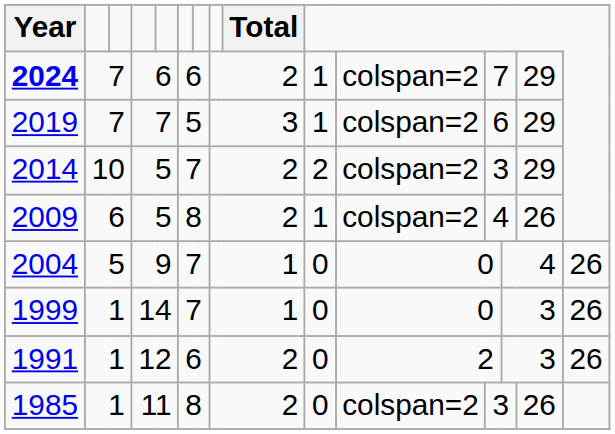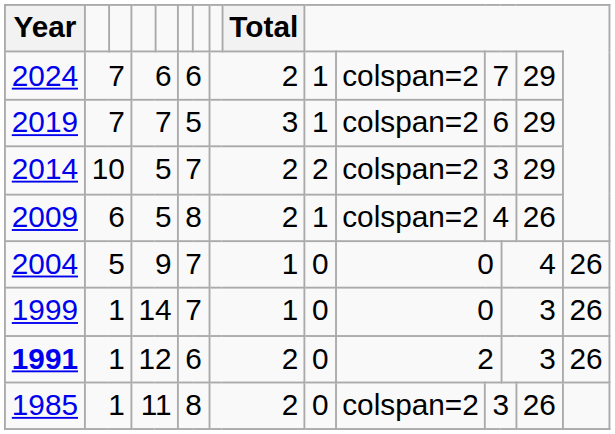 <table class="wikitable" style="text-align:right; padding-left:1em">
 <tr>
 <th align="left">Year</th>
 <td></td>
 <td></td>
 <td></td>
 <td></td>
 <td></td>
 <td></td>
 <td></td>
 <th align="left">Total</th>
 </tr>
 <tr>
-<td align=left><strong><a href='#'>2024</a></strong></td>
+<td align=left><a href='#'>2024</a></td>
 <td colspan=2>7</td>
 <td colspan=2>6</td>
 <td colspan=2>6</td>
 <td colspan=2>2</td>
 <td colspan=2>1</td>
 <td>colspan=2 </td>
 <td colspan=2>7</td>
 <td>29</td>
 </tr>
 <tr>
 <td align=left><a href='#'>2019</a></td>
 <td colspan=2>7</td>
 <td colspan=2>7</td>
 <td colspan=2>5</td>
 <td colspan=2>3</td>
 <td colspan=2>1</td>
 <td>colspan=2 </td>
 <td colspan=2>6</td>
 <td>29</td>
 </tr>
 <tr>
 <td align=left><a href='#'>2014</a></td>
 <td colspan=2>10</td>
 <td colspan=2>5</td>
 <td colspan=2>7</td>
 <td colspan=2>2</td>
 <td colspan=2>2</td>
 <td>colspan=2 </td>
 <td colspan=2>3</td>
 <td>29</td>
 </tr>
 <tr>
 <td align=left><a href='#'>2009</a></td>
 <td colspan=2>6</td>
 <td colspan=2>5</td>
 <td colspan=2>8</td>
 <td colspan=2>2</td>
 <td colspan=2>1</td>
 <td>colspan=2 </td>
 <td colspan=2>4</td>
 <td>26</td>
 </tr>
 <tr>
 <td align=left><a href='#'>2004</a></td>
 <td colspan=2>5</td>
 <td colspan=2>9</td>
 <td colspan=2>7</td>
 <td colspan=2>1</td>
 <td colspan=2>0</td>
 <td colspan=2>0</td>
 <td colspan=2>4</td>
 <td>26</td>
 </tr>
 <tr>
 <td align=left><a href='#'>1999</a></td>
 <td colspan=2>1</td>
 <td colspan=2>14</td>
 <td colspan=2>7</td>
 <td colspan=2>1</td>
 <td colspan=2>0</td>
 <td colspan=2>0</td>
 <td colspan=2>3</td>
 <td>26</td>
 </tr>
 <tr>
-<td align=left><a href='#'>1991</a></td>
+<td align=left><strong><a href='#'>1991</a></strong></td>
 <td colspan=2>1</td>
 <td colspan=2>12</td>
 <td colspan=2>6</td>
 <td colspan=2>2</td>
 <td colspan=2>0</td>
 <td colspan=2>2</td>
 <td colspan=2>3</td>
 <td>26</td>
 </tr>
 <tr>
 <td align=left><a href='#'>1985</a></td>
 <td colspan=2>1</td>
 <td colspan=2>11</td>
 <td colspan=2>8</td>
 <td colspan=2>2</td>
 <td colspan=2>0</td>
 <td>colspan=2 </td>
 <td colspan=2>3</td>
 <td>26</td>
 </tr>
 </table>
